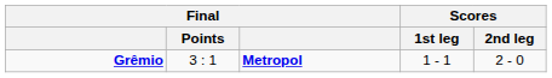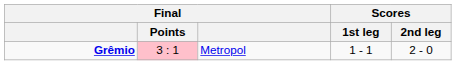 <table class="wikitable" style="text-align:center;">
 <tr>
 <th colspan=3>Final</th>
 <th colspan=3>Scores</th>
 </tr>
 <tr>
 <th width="175"></th>
 <th width="75">Points</th>
 <th width="175"></th>
 <th width="75">1st leg</th>
 <th width="75">2nd leg</th>
 </tr>
 <tr>
 <td align=right><strong><a href='#'>Grêmio</a></strong></td>
-<td>3 : 1</td>
-<td align=left><strong><a href='#'>Metropol</a></strong></td>
+<td style="background: pink;">3 : 1</td>
+<td align=left><a href='#'>Metropol</a></td>
 <td>1 - 1</td>
 <td>2 - 0</td>
 </tr>
 </table>
